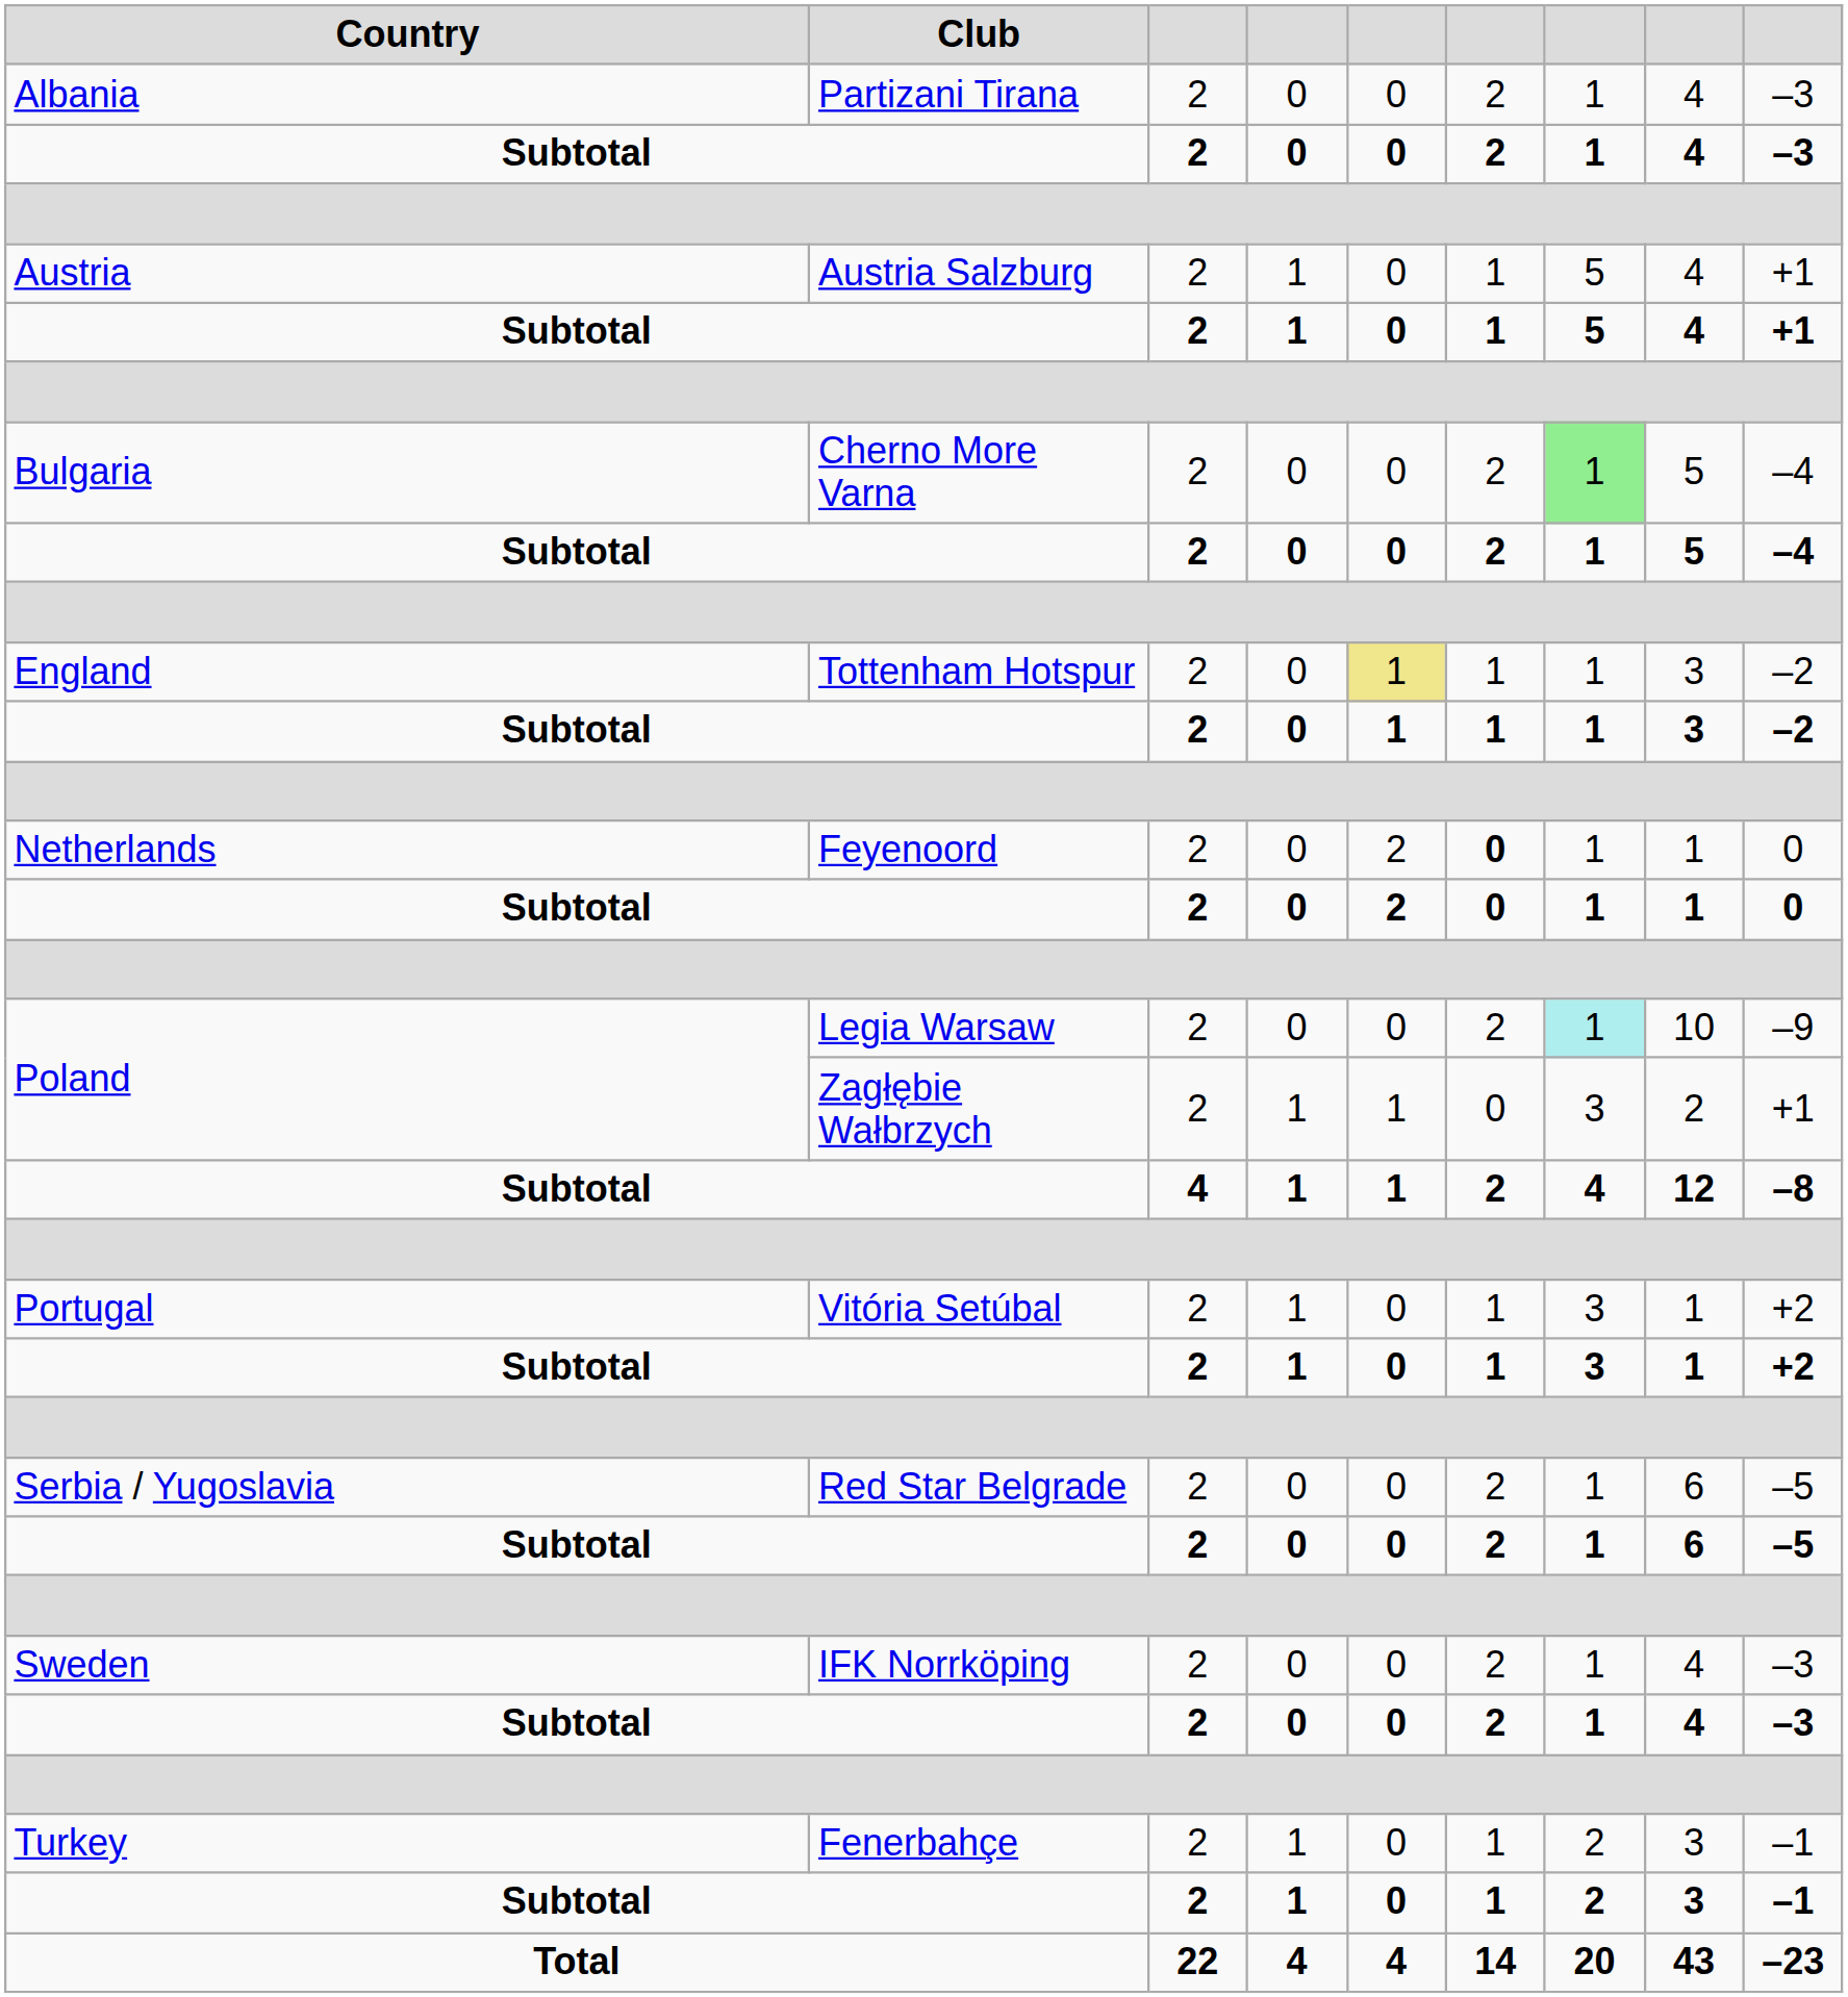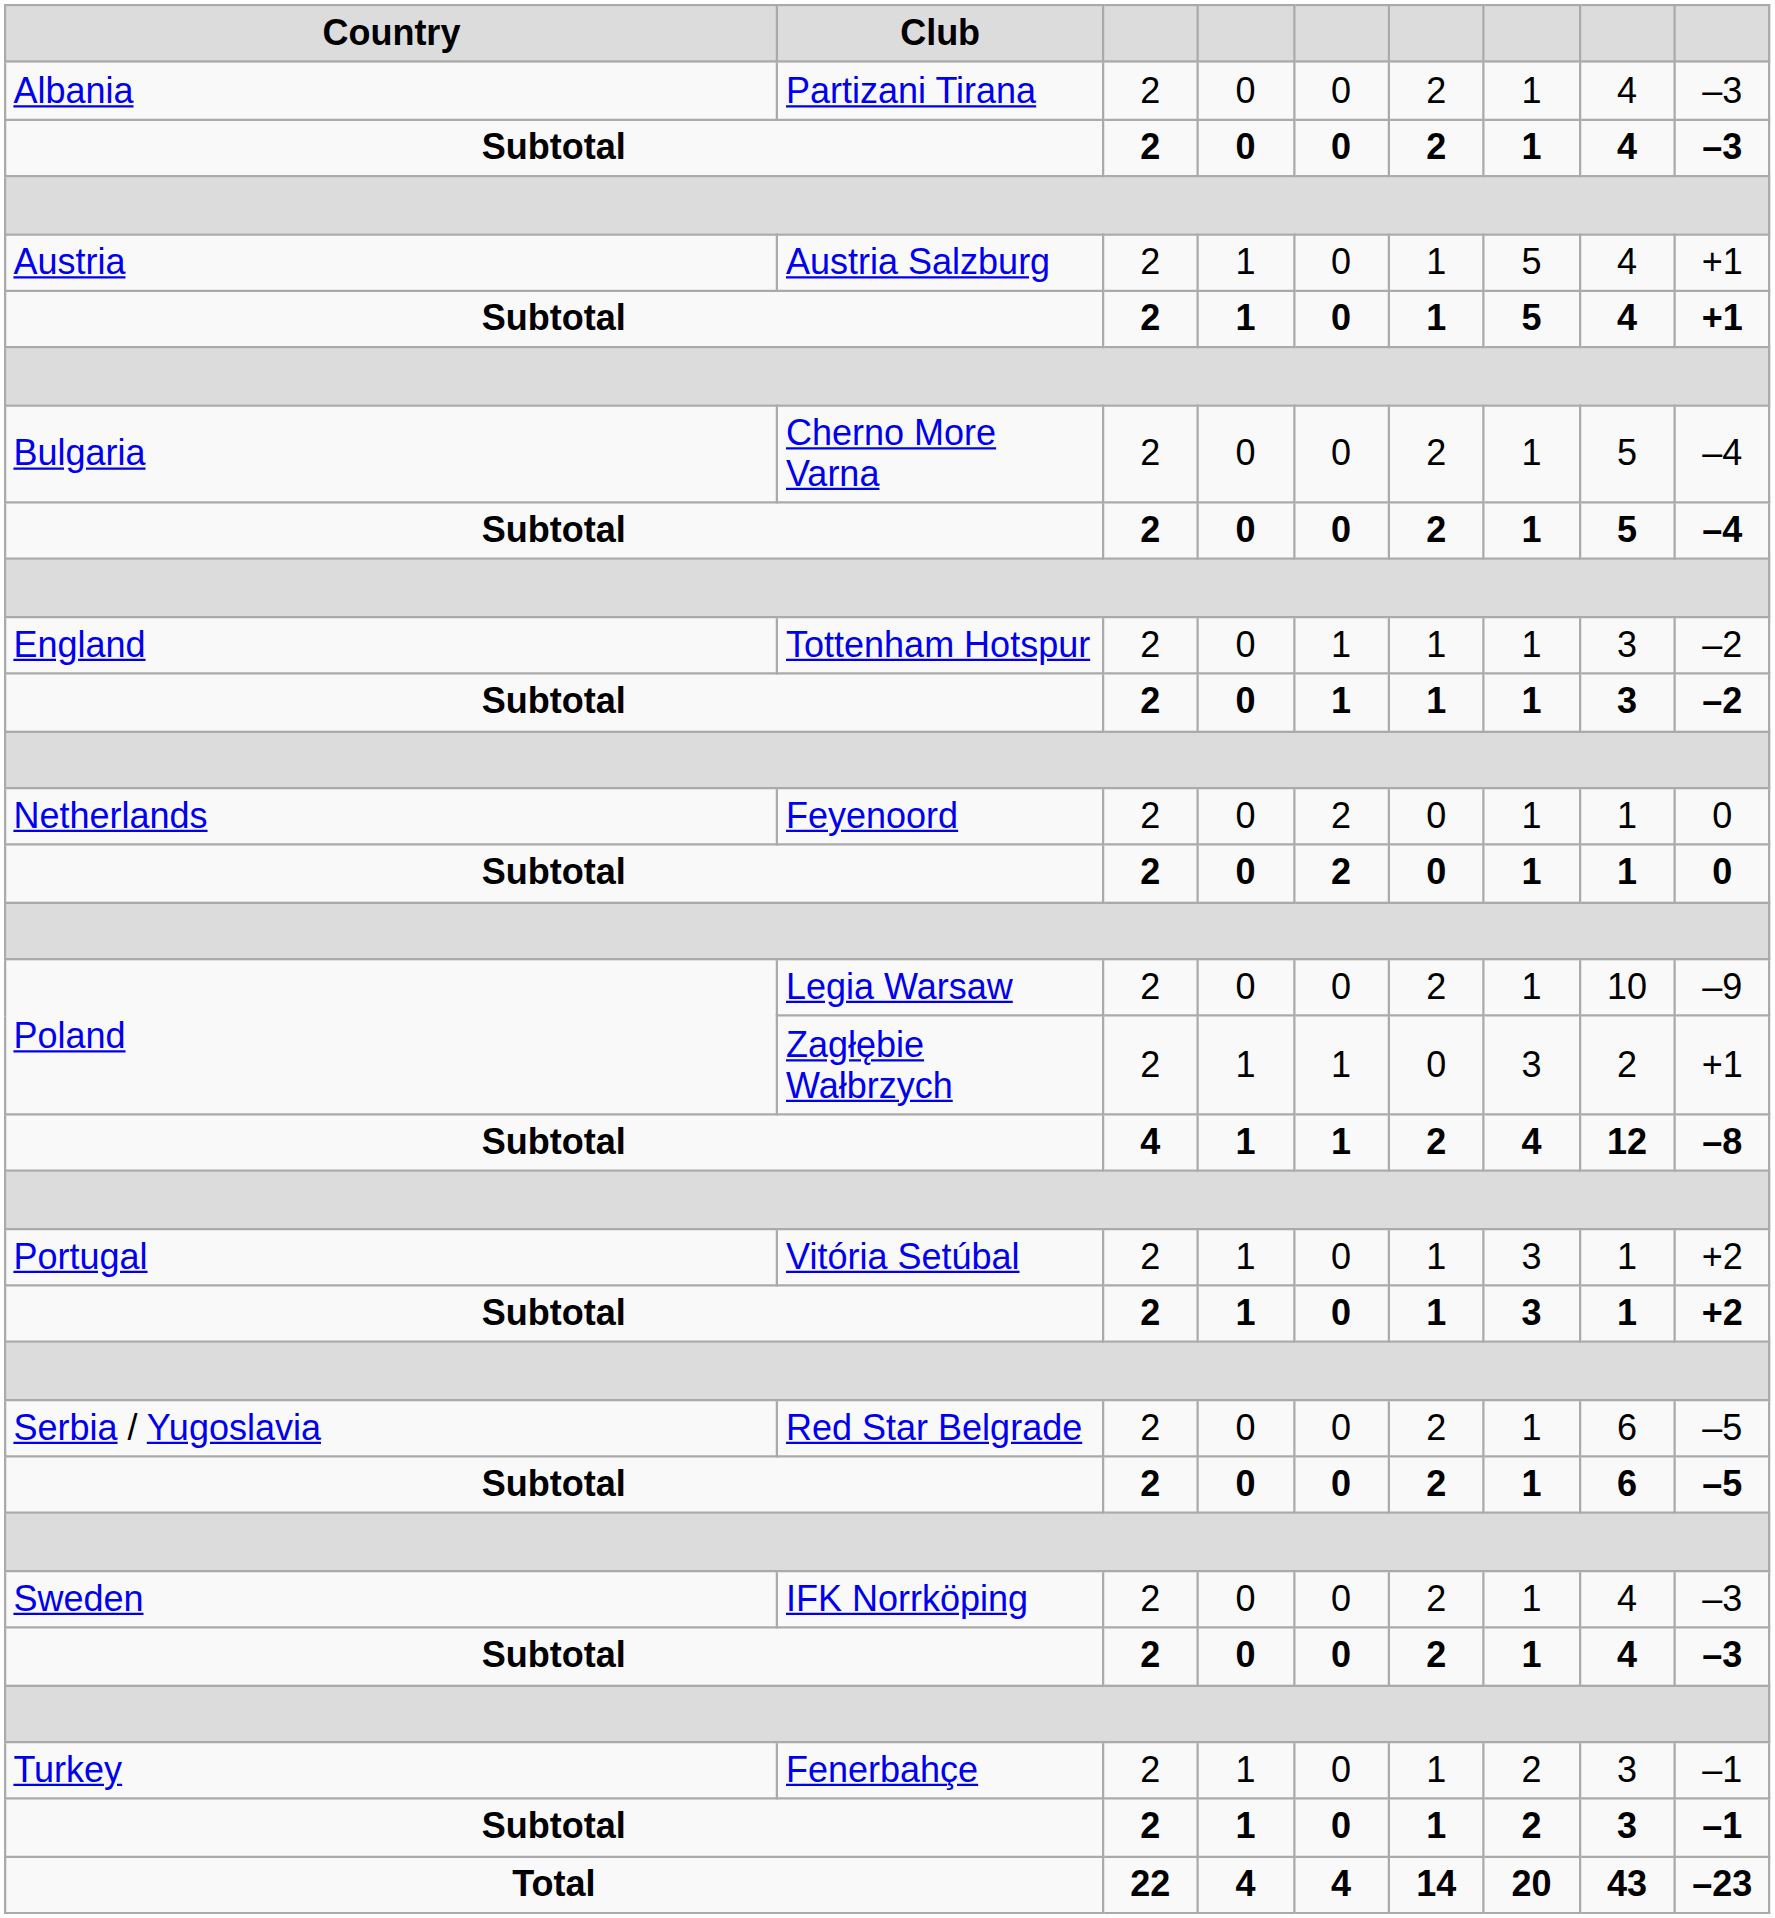 <table class="wikitable" style="text-align: center;">
 <tr>
 <th width="336" style="background:#DCDCDC">Country</th>
 <th width="137" style="background:#DCDCDC">Club</th>
 <th width="35" style="background:#DCDCDC"></th>
 <th width="35" style="background:#DCDCDC"></th>
 <th width="35" style="background:#DCDCDC"></th>
 <th width="35" style="background:#DCDCDC"></th>
 <th width="35" style="background:#DCDCDC"></th>
 <th width="35" style="background:#DCDCDC"></th>
 <th width="35" style="background:#DCDCDC"></th>
 </tr>
 <tr>
 <td align=left> <a href='#'>Albania</a></td>
 <td align=left><a href='#'>Partizani Tirana</a></td>
 <td>2</td>
 <td>0</td>
 <td>0</td>
 <td>2</td>
 <td>1</td>
 <td>4</td>
 <td>–3</td>
 </tr>
 <tr>
 <td colspan=2 align-"center"><strong>Subtotal</strong></td>
 <td><strong>2</strong></td>
 <td><strong>0</strong></td>
 <td><strong>0</strong></td>
 <td><strong>2</strong></td>
 <td><strong>1</strong></td>
 <td><strong>4</strong></td>
 <td><strong>–3</strong></td>
 </tr>
 <tr>
 <th colspan=9 height="18" style="background:#DCDCDC"></th>
 </tr>
 <tr>
 <td align=left> <a href='#'>Austria</a></td>
 <td align=left><a href='#'>Austria Salzburg</a></td>
 <td>2</td>
 <td>1</td>
 <td>0</td>
 <td>1</td>
 <td>5</td>
 <td>4</td>
 <td>+1</td>
 </tr>
 <tr>
 <td colspan=2 align-"center"><strong>Subtotal</strong></td>
 <td><strong>2</strong></td>
 <td><strong>1</strong></td>
 <td><strong>0</strong></td>
 <td><strong>1</strong></td>
 <td><strong>5</strong></td>
 <td><strong>4</strong></td>
 <td><strong>+1</strong></td>
 </tr>
 <tr>
 <th colspan=9 height="18" style="background:#DCDCDC"></th>
 </tr>
 <tr>
 <td align=left> <a href='#'>Bulgaria</a></td>
 <td align=left><a href='#'>Cherno More Varna</a></td>
 <td>2</td>
 <td>0</td>
 <td>0</td>
 <td>2</td>
-<td style="background: lightgreen;">1</td>
+<td>1</td>
 <td>5</td>
 <td>–4</td>
 </tr>
 <tr>
 <td colspan=2 align-"center"><strong>Subtotal</strong></td>
 <td><strong>2</strong></td>
 <td><strong>0</strong></td>
 <td><strong>0</strong></td>
 <td><strong>2</strong></td>
 <td><strong>1</strong></td>
 <td><strong>5</strong></td>
 <td><strong>–4</strong></td>
 </tr>
 <tr>
 <th colspan=9 height="18" style="background:#DCDCDC"></th>
 </tr>
 <tr>
 <td align=left> <a href='#'>England</a></td>
 <td align=left><a href='#'>Tottenham Hotspur</a></td>
 <td>2</td>
 <td>0</td>
-<td style="background: khaki;">1</td>
+<td>1</td>
 <td>1</td>
 <td>1</td>
 <td>3</td>
 <td>–2</td>
 </tr>
 <tr>
 <td colspan=2 align-"center"><strong>Subtotal</strong></td>
 <td><strong>2</strong></td>
 <td><strong>0</strong></td>
 <td><strong>1</strong></td>
 <td><strong>1</strong></td>
 <td><strong>1</strong></td>
 <td><strong>3</strong></td>
 <td><strong>–2</strong></td>
 </tr>
 <tr>
 <th colspan=9 height="18" style="background:#DCDCDC"></th>
 </tr>
 <tr>
 <td align=left> <a href='#'>Netherlands</a></td>
 <td align=left><a href='#'>Feyenoord</a></td>
 <td>2</td>
 <td>0</td>
 <td>2</td>
-<td><strong>0</strong></td>
+<td>0</td>
 <td>1</td>
 <td>1</td>
 <td>0</td>
 </tr>
 <tr>
 <td colspan=2 align-"center"><strong>Subtotal</strong></td>
 <td><strong>2</strong></td>
 <td><strong>0</strong></td>
 <td><strong>2</strong></td>
 <td><strong>0</strong></td>
 <td><strong>1</strong></td>
 <td><strong>1</strong></td>
 <td><strong>0</strong></td>
 </tr>
 <tr>
 <th colspan=9 height="18" style="background:#DCDCDC"></th>
 </tr>
 <tr>
 <td rowspan=2 align=left> <a href='#'>Poland</a></td>
 <td align=left><a href='#'>Legia Warsaw</a></td>
 <td>2</td>
 <td>0</td>
 <td>0</td>
 <td>2</td>
-<td style="background: paleturquoise;">1</td>
+<td>1</td>
 <td>10</td>
 <td>–9</td>
 </tr>
 <tr>
 <td align=left><a href='#'>Zagłębie Wałbrzych</a></td>
 <td>2</td>
 <td>1</td>
 <td>1</td>
 <td>0</td>
 <td>3</td>
 <td>2</td>
 <td>+1</td>
 </tr>
 <tr>
 <td colspan=2 align-"center"><strong>Subtotal</strong></td>
 <td><strong>4</strong></td>
 <td><strong>1</strong></td>
 <td><strong>1</strong></td>
 <td><strong>2</strong></td>
 <td><strong>4</strong></td>
 <td><strong>12</strong></td>
 <td><strong>–8</strong></td>
 </tr>
 <tr>
 <th colspan=9 height="18" style="background:#DCDCDC"></th>
 </tr>
 <tr>
 <td align=left> <a href='#'>Portugal</a></td>
 <td align=left><a href='#'>Vitória Setúbal</a></td>
 <td>2</td>
 <td>1</td>
 <td>0</td>
 <td>1</td>
 <td>3</td>
 <td>1</td>
 <td>+2</td>
 </tr>
 <tr>
 <td colspan=2 align-"center"><strong>Subtotal</strong></td>
 <td><strong>2</strong></td>
 <td><strong>1</strong></td>
 <td><strong>0</strong></td>
 <td><strong>1</strong></td>
 <td><strong>3</strong></td>
 <td><strong>1</strong></td>
 <td><strong>+2</strong></td>
 </tr>
 <tr>
 <th colspan=9 height="18" style="background:#DCDCDC"></th>
 </tr>
 <tr>
 <td align=left> <a href='#'>Serbia</a> /  <a href='#'>Yugoslavia</a></td>
 <td align=left><a href='#'>Red Star Belgrade</a></td>
 <td>2</td>
 <td>0</td>
 <td>0</td>
 <td>2</td>
 <td>1</td>
 <td>6</td>
 <td>–5</td>
 </tr>
 <tr>
 <td colspan=2 align-"center"><strong>Subtotal</strong></td>
 <td><strong>2</strong></td>
 <td><strong>0</strong></td>
 <td><strong>0</strong></td>
 <td><strong>2</strong></td>
 <td><strong>1</strong></td>
 <td><strong>6</strong></td>
 <td><strong>–5</strong></td>
 </tr>
 <tr>
 <th colspan=9 height="18" style="background:#DCDCDC"></th>
 </tr>
 <tr>
 <td align=left> <a href='#'>Sweden</a></td>
 <td align=left><a href='#'>IFK Norrköping</a></td>
 <td>2</td>
 <td>0</td>
 <td>0</td>
 <td>2</td>
 <td>1</td>
 <td>4</td>
 <td>–3</td>
 </tr>
 <tr>
 <td colspan=2 align-"center"><strong>Subtotal</strong></td>
 <td><strong>2</strong></td>
 <td><strong>0</strong></td>
 <td><strong>0</strong></td>
 <td><strong>2</strong></td>
 <td><strong>1</strong></td>
 <td><strong>4</strong></td>
 <td><strong>–3</strong></td>
 </tr>
 <tr>
 <th colspan=9 height="18" style="background:#DCDCDC"></th>
 </tr>
 <tr>
 <td align=left> <a href='#'>Turkey</a></td>
 <td align=left><a href='#'>Fenerbahçe</a></td>
 <td>2</td>
 <td>1</td>
 <td>0</td>
 <td>1</td>
 <td>2</td>
 <td>3</td>
 <td>–1</td>
 </tr>
 <tr>
 <td colspan=2 align-"center"><strong>Subtotal</strong></td>
 <td><strong>2</strong></td>
 <td><strong>1</strong></td>
 <td><strong>0</strong></td>
 <td><strong>1</strong></td>
 <td><strong>2</strong></td>
 <td><strong>3</strong></td>
 <td><strong>–1</strong></td>
 </tr>
 <tr>
 <td colspan=2 align-"center"><strong>Total</strong></td>
 <td><strong>22</strong></td>
 <td><strong>4</strong></td>
 <td><strong>4</strong></td>
 <td><strong>14</strong></td>
 <td><strong>20</strong></td>
 <td><strong>43</strong></td>
 <td><strong>–23</strong></td>
 </tr>
 </table>
